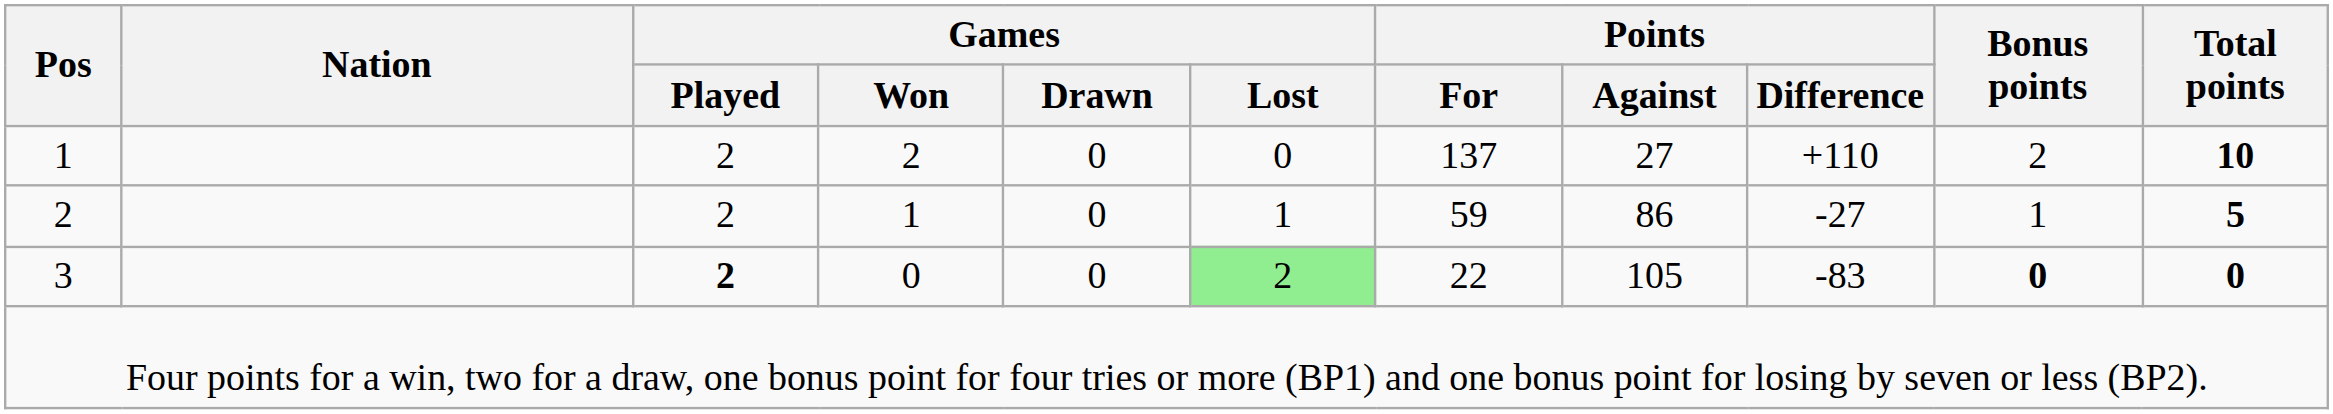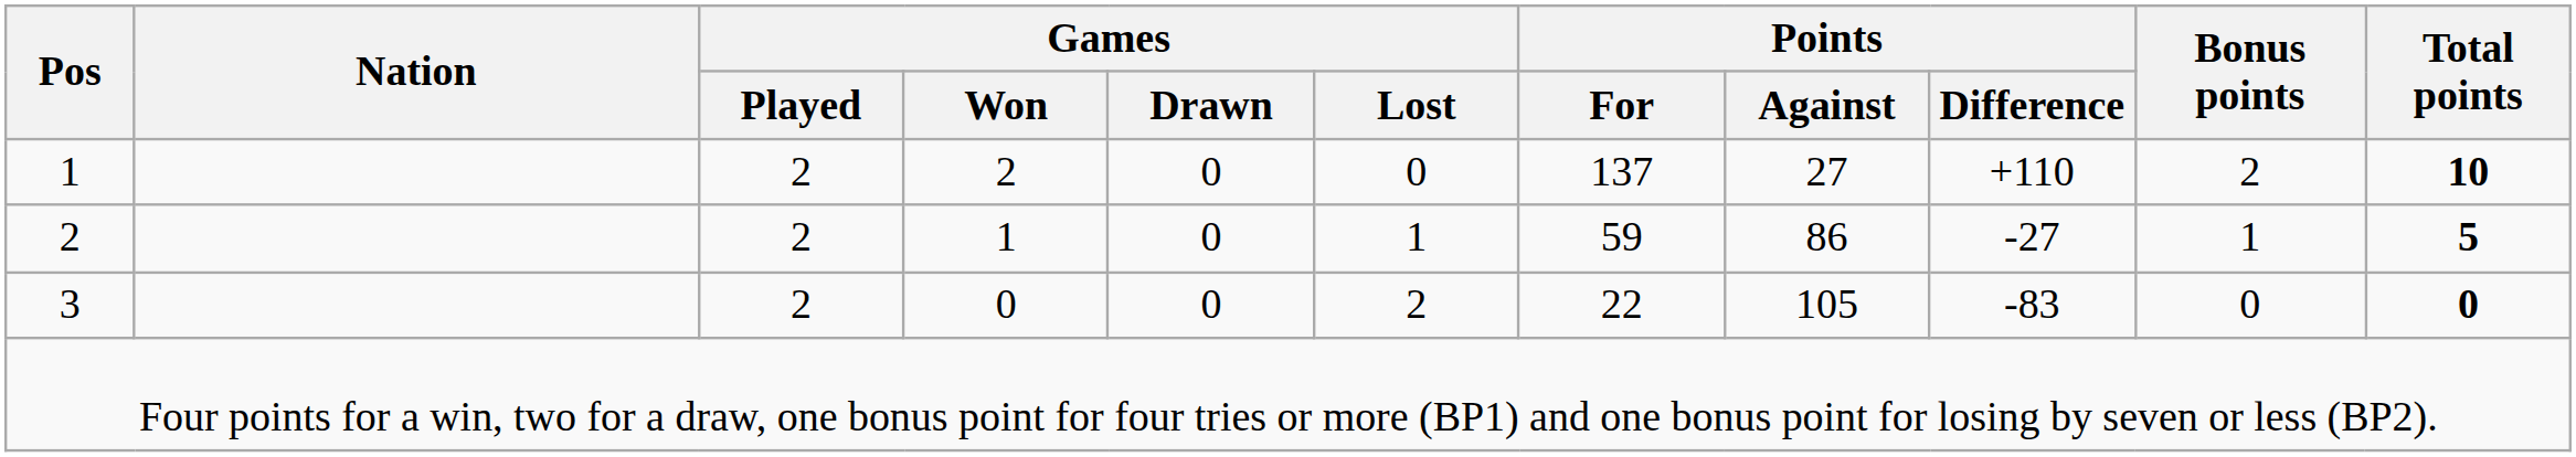 <table class="wikitable" style="text-align:center">
 <tr>
 <th rowspan="2" style="width:5%;">Pos</th>
 <th rowspan="2" style="width:22%;">Nation</th>
 <th colspan="4" style="width:32%;">Games</th>
 <th colspan="3" style="width:32%;">Points</th>
 <th rowspan="2" style="width:9%;">Bonus<br>points</th>
 <th rowspan="2" style="width:9%;">Total<br>points</th>
 </tr>
 <tr>
 <th style="width:8%;">Played</th>
 <th style="width:8%;">Won</th>
 <th style="width:8%;">Drawn</th>
 <th style="width:8%;">Lost</th>
 <th style="width:8%;">For</th>
 <th style="width:8%;">Against</th>
 <th style="width:8%;">Difference</th>
 </tr>
 <tr>
 <td>1</td>
 <td align="left"></td>
 <td>2</td>
 <td>2</td>
 <td>0</td>
 <td>0</td>
 <td>137</td>
 <td>27</td>
 <td>+110</td>
 <td>2</td>
 <td><strong>10</strong></td>
 </tr>
 <tr>
 <td>2</td>
 <td align="left"></td>
 <td>2</td>
 <td>1</td>
 <td>0</td>
 <td>1</td>
 <td>59</td>
 <td>86</td>
 <td>-27</td>
 <td>1</td>
 <td><strong>5</strong></td>
 </tr>
 <tr>
 <td>3</td>
 <td align="left"></td>
-<td><strong>2</strong></td>
+<td>2</td>
 <td>0</td>
 <td>0</td>
-<td style="background: lightgreen;">2</td>
+<td>2</td>
 <td>22</td>
 <td>105</td>
 <td>-83</td>
-<td><strong>0</strong></td>
+<td>0</td>
 <td><strong>0</strong></td>
 </tr>
 <tr>
 <td colspan="100%" style="text-align:center;"><br>Four points for a win, two for a draw, one bonus point for four tries or more (BP1) and one bonus point for losing by seven or less (BP2).</td>
 </tr>
 </table>
